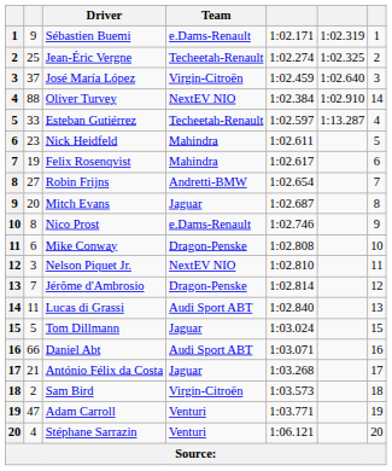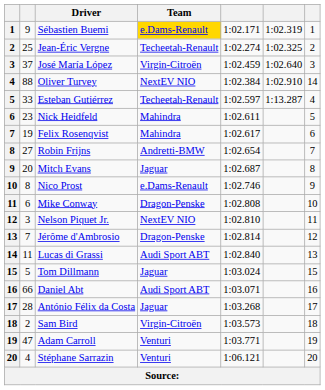 <table class="wikitable sortable" style="font-size: 85%">
 <tr>
 <th scope="col"></th>
 <th scope="col"></th>
 <th scope="col">Driver</th>
 <th scope="col">Team</th>
 <th scope="col"></th>
 <th scope="col"></th>
 <th scope="col"></th>
 </tr>
 <tr>
 <th scope="row">1</th>
 <td align="center">9</td>
 <td data-sort-value="BUE"> <a href='#'>Sébastien Buemi</a></td>
-<td><a href='#'>e.Dams-Renault</a></td>
+<td style="background: gold;"><a href='#'>e.Dams-Renault</a></td>
 <td>1:02.171</td>
 <td>1:02.319</td>
 <td align="center">1</td>
 </tr>
 <tr>
 <th scope="row">2</th>
 <td align="center">25</td>
 <td data-sort-value="VER"> <a href='#'>Jean-Éric Vergne</a></td>
 <td><a href='#'>Techeetah-Renault</a></td>
 <td>1:02.274</td>
 <td>1:02.325</td>
 <td align="center">2</td>
 </tr>
 <tr>
 <th scope="row">3</th>
 <td align="center">37</td>
 <td data-sort-value="LOP"> <a href='#'>José María López</a></td>
 <td><a href='#'>Virgin-Citroën</a></td>
 <td>1:02.459</td>
 <td>1:02.640</td>
 <td align="center">3</td>
 </tr>
 <tr>
 <th scope="row">4</th>
 <td align="center">88</td>
 <td data-sort-value="TUR"> <a href='#'>Oliver Turvey</a></td>
 <td><a href='#'>NextEV NIO</a></td>
 <td>1:02.384</td>
 <td>1:02.910</td>
 <td align="center">14</td>
 </tr>
 <tr>
 <th scope="row">5</th>
 <td align="center">33</td>
 <td data-sort-value="GUT"> <a href='#'>Esteban Gutiérrez</a></td>
 <td><a href='#'>Techeetah-Renault</a></td>
 <td>1:02.597</td>
 <td>1:13.287</td>
 <td align="center">4</td>
 </tr>
 <tr>
 <th scope="row">6</th>
 <td align="center">23</td>
 <td data-sort-value="HEI"> <a href='#'>Nick Heidfeld</a></td>
 <td><a href='#'>Mahindra</a></td>
 <td>1:02.611</td>
 <td></td>
 <td align="center">5</td>
 </tr>
 <tr>
 <th scope="row">7</th>
 <td align="center">19</td>
 <td data-sort-value="ROS"> <a href='#'>Felix Rosenqvist</a></td>
 <td><a href='#'>Mahindra</a></td>
 <td>1:02.617</td>
 <td></td>
 <td align="center">6</td>
 </tr>
 <tr>
 <th scope="row">8</th>
 <td align="center">27</td>
 <td data-sort-value="FRI"> <a href='#'>Robin Frijns</a></td>
 <td><a href='#'>Andretti-BMW</a></td>
 <td>1:02.654</td>
 <td></td>
 <td align="center">7</td>
 </tr>
 <tr>
 <th scope="row">9</th>
 <td align="center">20</td>
 <td data-sort-value="EVA"> <a href='#'>Mitch Evans</a></td>
 <td><a href='#'>Jaguar</a></td>
 <td>1:02.687</td>
 <td></td>
 <td align="center">8</td>
 </tr>
 <tr>
 <th scope="row">10</th>
 <td align="center">8</td>
 <td data-sort-value="PRO"> <a href='#'>Nico Prost</a></td>
 <td><a href='#'>e.Dams-Renault</a></td>
 <td>1:02.746</td>
 <td></td>
 <td align="center">9</td>
 </tr>
 <tr>
 <th scope="row">11</th>
 <td align="center">6</td>
 <td data-sort-value="CON"> <a href='#'>Mike Conway</a></td>
 <td><a href='#'>Dragon-Penske</a></td>
 <td>1:02.808</td>
 <td></td>
 <td align="center">10</td>
 </tr>
 <tr>
 <th scope="row">12</th>
 <td align="center">3</td>
 <td data-sort-value="PIQ"> <a href='#'>Nelson Piquet Jr.</a></td>
 <td><a href='#'>NextEV NIO</a></td>
 <td>1:02.810</td>
 <td></td>
 <td align="center">11</td>
 </tr>
 <tr>
 <th scope="row">13</th>
 <td align="center">7</td>
 <td data-sort-value="DAM"> <a href='#'>Jérôme d'Ambrosio</a></td>
 <td><a href='#'>Dragon-Penske</a></td>
 <td>1:02.814</td>
 <td></td>
 <td align="center">12</td>
 </tr>
 <tr>
 <th scope="row">14</th>
 <td align="center">11</td>
 <td data-sort-value="DIG"> <a href='#'>Lucas di Grassi</a></td>
 <td><a href='#'>Audi Sport ABT</a></td>
 <td>1:02.840</td>
 <td></td>
 <td align="center">13</td>
 </tr>
 <tr>
 <th scope="row">15</th>
 <td align="center">5</td>
 <td data-sort-value="DIL"> <a href='#'>Tom Dillmann</a></td>
 <td><a href='#'>Jaguar</a></td>
 <td>1:03.024</td>
 <td></td>
 <td align="center">15</td>
 </tr>
 <tr>
 <th scope="row">16</th>
 <td align="center">66</td>
 <td data-sort-value="ABT"> <a href='#'>Daniel Abt</a></td>
 <td><a href='#'>Audi Sport ABT</a></td>
 <td>1:03.071</td>
 <td></td>
 <td align="center">16</td>
 </tr>
 <tr>
 <th scope="row">17</th>
-<td align="center">21</td>
+<td align="center">28</td>
 <td data-sort-value="FDC"> <a href='#'>António Félix da Costa</a></td>
 <td><a href='#'>Jaguar</a></td>
 <td>1:03.268</td>
 <td></td>
 <td align="center">17</td>
 </tr>
 <tr>
 <th scope="row">18</th>
 <td align="center">2</td>
 <td data-sort-value="BIR"> <a href='#'>Sam Bird</a></td>
 <td><a href='#'>Virgin-Citroën</a></td>
 <td>1:03.573</td>
 <td></td>
 <td align="center">18</td>
 </tr>
 <tr>
 <th scope="row">19</th>
 <td align="center">47</td>
 <td data-sort-value="CAR"> <a href='#'>Adam Carroll</a></td>
 <td><a href='#'>Venturi</a></td>
 <td>1:03.771</td>
 <td></td>
 <td align="center">19</td>
 </tr>
 <tr>
 <th scope="row">20</th>
 <td align="center">4</td>
 <td data-sort-value="SAR"> <a href='#'>Stéphane Sarrazin</a></td>
 <td><a href='#'>Venturi</a></td>
 <td>1:06.121</td>
 <td></td>
 <td align="center">20</td>
 </tr>
 <tr>
 <th colspan="7">Source:</th>
 </tr>
 </table>
